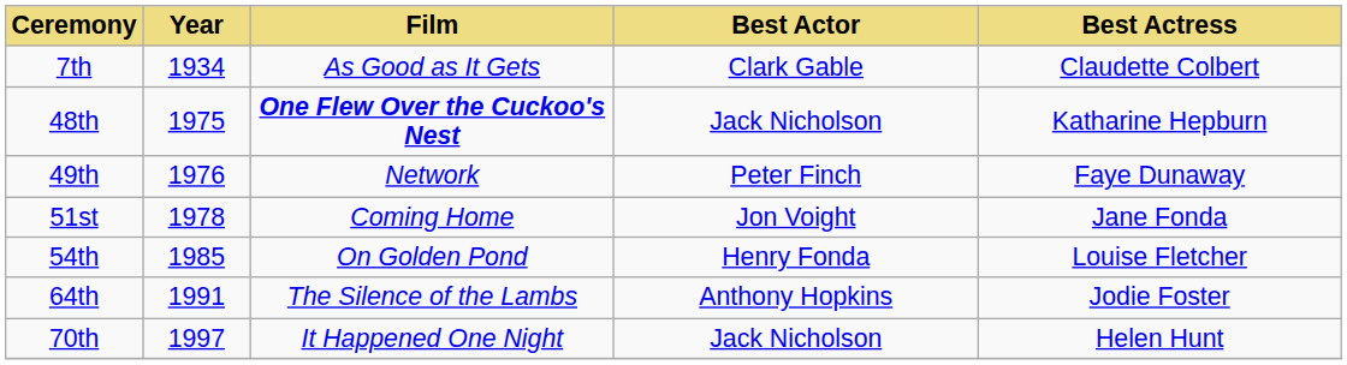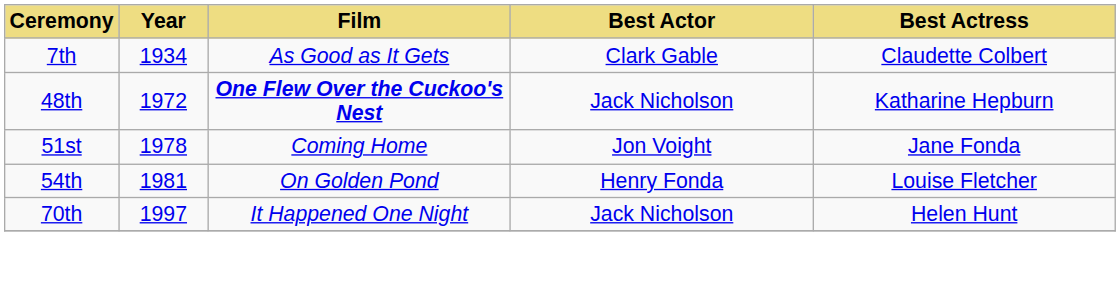 <table class="wikitable sortable" style="text-align: center">
 <tr>
 <th style="background-color:#EEDD82; width:060px;">Ceremony</th>
 <th style="background-color:#EEDD82; width:060px;">Year</th>
 <th style="background-color:#EEDD82; width:220px;">Film</th>
 <th style="background-color:#EEDD82; width:220px;">Best Actor</th>
 <th style="background-color:#EEDD82; width:220px;">Best Actress</th>
 </tr>
 <tr>
 <td><a href='#'>7th</a></td>
 <td><a href='#'>1934</a></td>
 <td><em><a href='#'>As Good as It Gets</a></em></td>
 <td><a href='#'>Clark Gable</a></td>
 <td><a href='#'>Claudette Colbert</a></td>
 </tr>
 <tr>
 <td><a href='#'>48th</a></td>
-<td><a href='#'>1975</a></td>
+<td><a href='#'>1972</a></td>
 <td><strong><em><a href='#'>One Flew Over the Cuckoo's Nest</a></em></strong></td>
 <td><a href='#'>Jack Nicholson</a></td>
 <td><a href='#'>Katharine Hepburn</a></td>
-</tr>
-<tr>
-<td><a href='#'>49th</a></td>
-<td><a href='#'>1976</a></td>
-<td><em><a href='#'>Network</a></em></td>
-<td><a href='#'>Peter Finch</a></td>
-<td><a href='#'>Faye Dunaway</a></td>
 </tr>
 <tr>
 <td><a href='#'>51st</a></td>
 <td><a href='#'>1978</a></td>
 <td><em><a href='#'>Coming Home</a></em></td>
 <td><a href='#'>Jon Voight</a></td>
 <td><a href='#'>Jane Fonda</a></td>
 </tr>
 <tr>
 <td><a href='#'>54th</a></td>
-<td><a href='#'>1985</a></td>
+<td><a href='#'>1981</a></td>
 <td><em><a href='#'>On Golden Pond</a></em></td>
 <td><a href='#'>Henry Fonda</a></td>
 <td><a href='#'>Louise Fletcher</a></td>
-</tr>
-<tr>
-<td><a href='#'>64th</a></td>
-<td><a href='#'>1991</a></td>
-<td><em><a href='#'>The Silence of the Lambs</a></em></td>
-<td><a href='#'>Anthony Hopkins</a></td>
-<td><a href='#'>Jodie Foster</a></td>
 </tr>
 <tr>
 <td><a href='#'>70th</a></td>
 <td><a href='#'>1997</a></td>
 <td><em><a href='#'>It Happened One Night</a></em></td>
 <td><a href='#'>Jack Nicholson</a></td>
 <td><a href='#'>Helen Hunt</a></td>
 </tr>
 <tr>
 </tr>
 </table>
